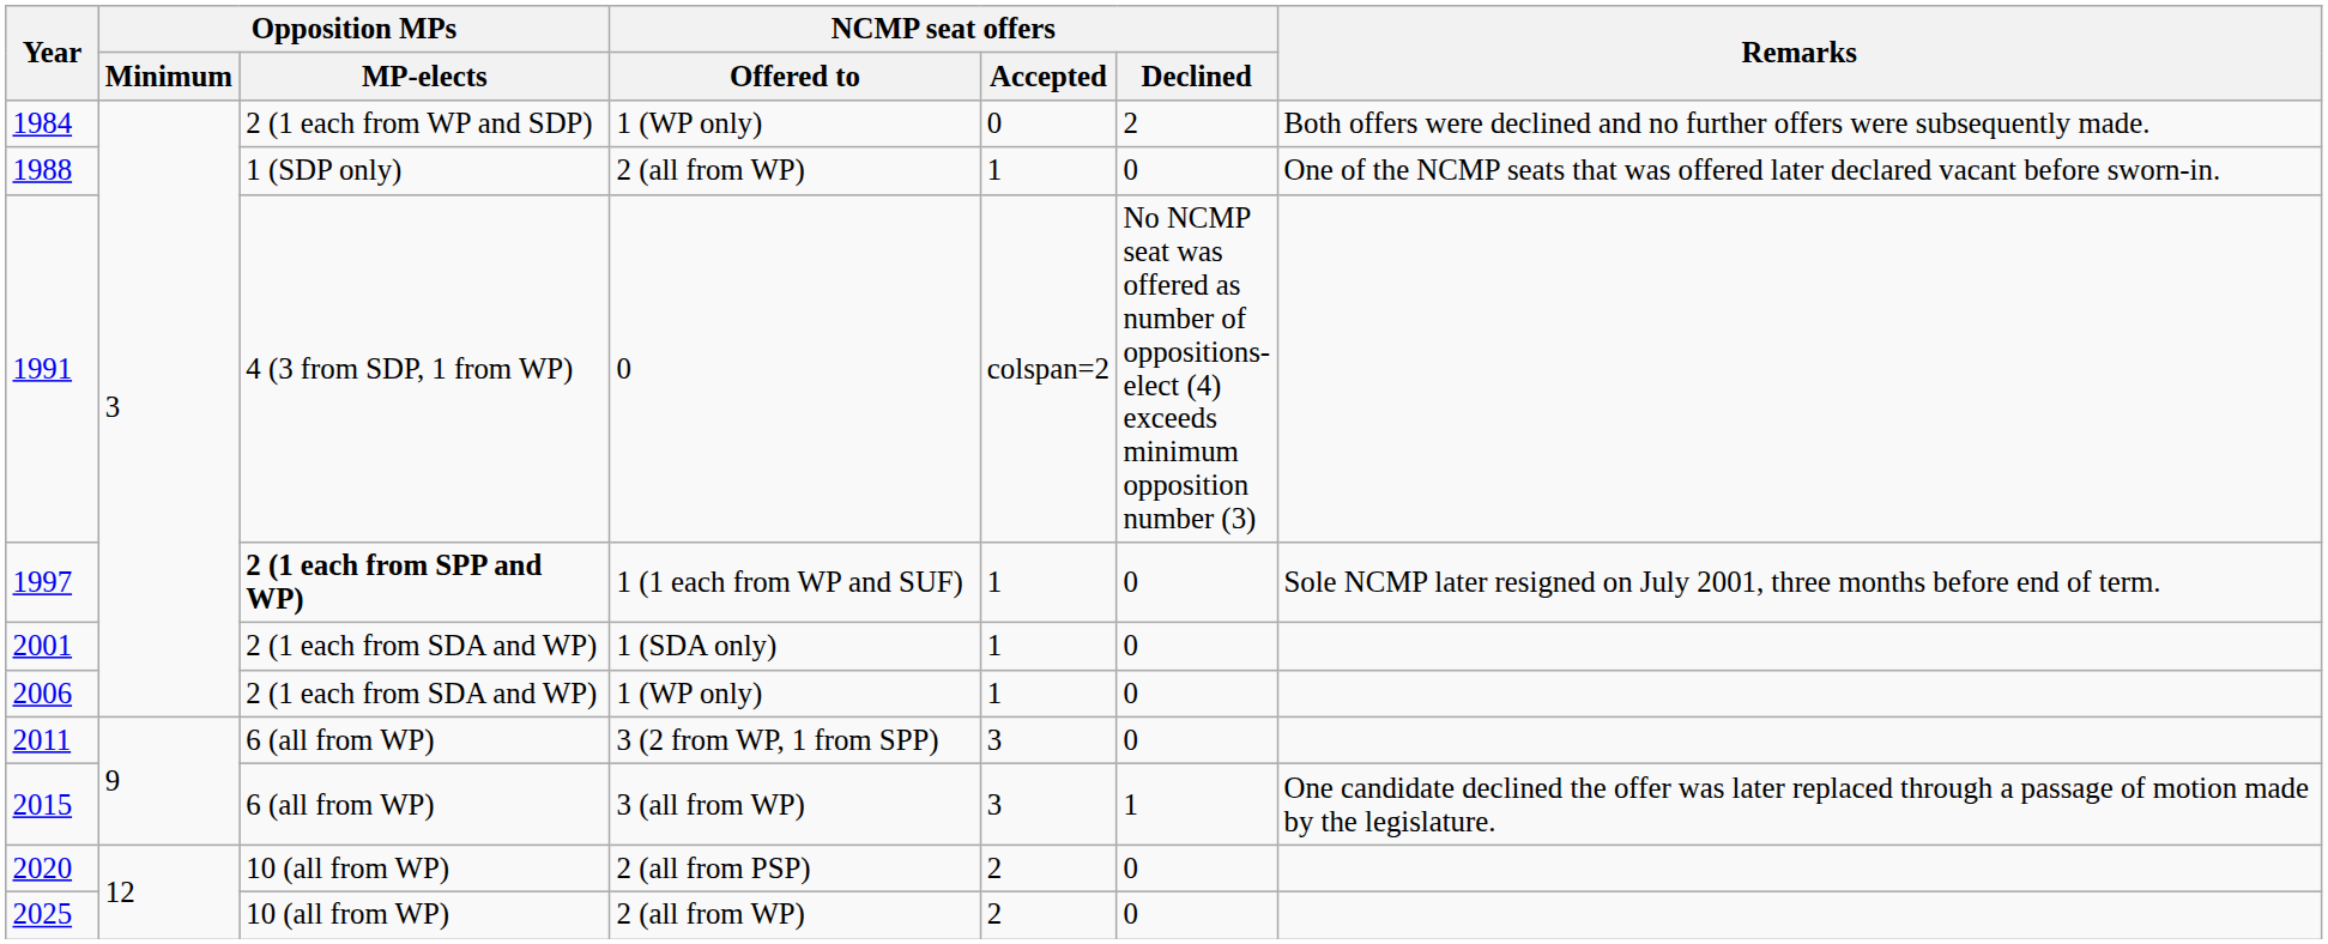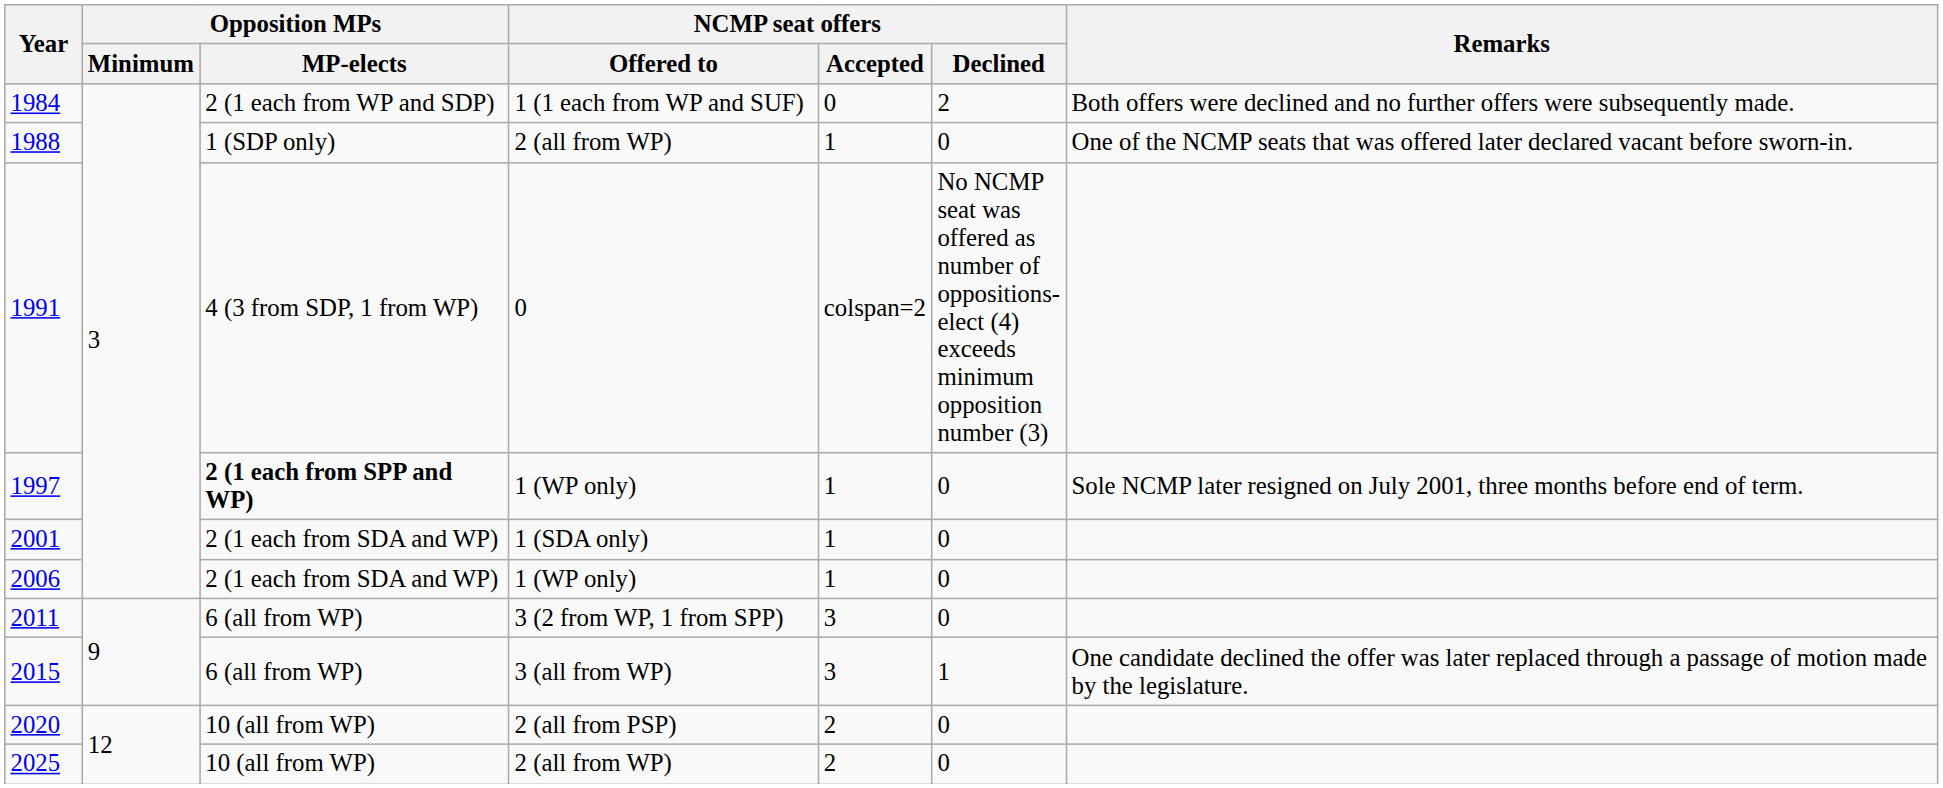 <table class="wikitable">
 <tr>
 <th rowspan=2 style="width:04%">Year</th>
 <th colspan=2>Opposition MPs</th>
 <th colspan=3>NCMP seat offers</th>
 <th rowspan=2>Remarks</th>
 </tr>
 <tr>
 <th style="width:06%">Minimum</th>
 <th style="width:16%">MP-elects</th>
 <th style="width:16%">Offered to</th>
 <th style="width:04%">Accepted</th>
 <th style="width:04%">Declined</th>
 </tr>
 <tr>
 <td><a href='#'>1984</a></td>
 <td rowspan=6>3</td>
 <td>2 (1 each from WP and SDP)</td>
-<td>1 (WP only)</td>
+<td>1 (1 each from WP and SUF)</td>
 <td>0</td>
 <td>2</td>
 <td>Both offers were declined and no further offers were subsequently made.</td>
 </tr>
 <tr>
 <td><a href='#'>1988</a></td>
 <td>1 (SDP only)</td>
 <td>2 (all from WP)</td>
 <td>1</td>
 <td>0</td>
 <td>One of the NCMP seats that was offered later declared vacant before sworn-in.</td>
 </tr>
 <tr>
 <td><a href='#'>1991</a></td>
 <td>4 (3 from SDP, 1 from WP)</td>
 <td>0</td>
 <td>colspan=2 </td>
 <td>No NCMP seat was offered as number of oppositions-elect (4) exceeds minimum opposition number (3)</td>
 </tr>
 <tr>
 <td><a href='#'>1997</a></td>
 <td><strong>2 (1 each from SPP and WP)</strong></td>
-<td>1 (1 each from WP and SUF)</td>
+<td>1 (WP only)</td>
 <td>1</td>
 <td>0</td>
 <td>Sole NCMP later resigned on July 2001, three months before end of term.</td>
 </tr>
 <tr>
 <td><a href='#'>2001</a></td>
 <td>2 (1 each from SDA and WP)</td>
 <td>1 (SDA only)</td>
 <td>1</td>
 <td>0</td>
 <td></td>
 </tr>
 <tr>
 <td><a href='#'>2006</a></td>
 <td>2 (1 each from SDA and WP)</td>
 <td>1 (WP only)</td>
 <td>1</td>
 <td>0</td>
 <td></td>
 </tr>
 <tr>
 <td><a href='#'>2011</a></td>
 <td rowspan=2>9</td>
 <td>6 (all from WP)</td>
 <td>3 (2 from WP, 1 from SPP)</td>
 <td>3</td>
 <td>0</td>
 <td></td>
 </tr>
 <tr>
 <td><a href='#'>2015</a></td>
 <td>6 (all from WP)</td>
 <td>3 (all from WP)</td>
 <td>3</td>
 <td>1</td>
 <td>One candidate declined the offer was later replaced through a passage of motion made by the legislature.</td>
 </tr>
 <tr>
 <td><a href='#'>2020</a></td>
 <td rowspan=2>12</td>
 <td>10 (all from WP)</td>
 <td>2 (all from PSP)</td>
 <td>2</td>
 <td>0</td>
 <td></td>
 </tr>
 <tr>
 <td><a href='#'>2025</a></td>
 <td>10 (all from WP)</td>
 <td>2 (all from WP)</td>
 <td>2</td>
 <td>0</td>
 <td></td>
 </tr>
 </table>
